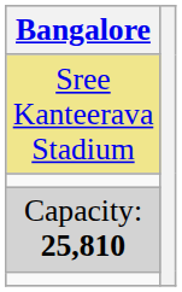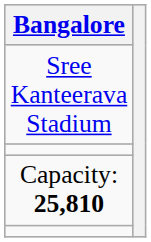 <table class="wikitable" style="text-align:center">
 <tr>
 <th width="20px"><a href='#'>Bangalore</a></th>
 <th rowspan="5"></th>
 </tr>
 <tr>
-<td style="background: khaki;"><a href='#'>Sree Kanteerava Stadium</a></td>
+<td><a href='#'>Sree Kanteerava Stadium</a></td>
 </tr>
 <tr>
 <td></td>
 </tr>
 <tr>
-<td style="background: lightgrey;">Capacity: <strong>25,810</strong></td>
+<td>Capacity: <strong>25,810</strong></td>
 </tr>
 <tr>
 <td></td>
 </tr>
 </table>
